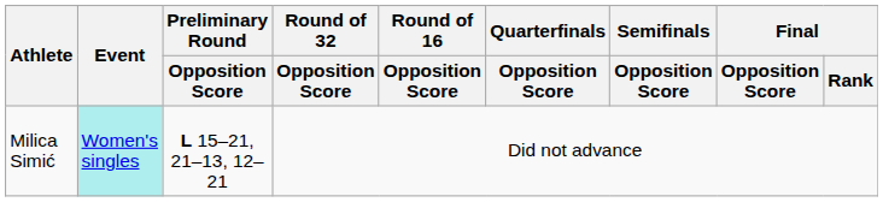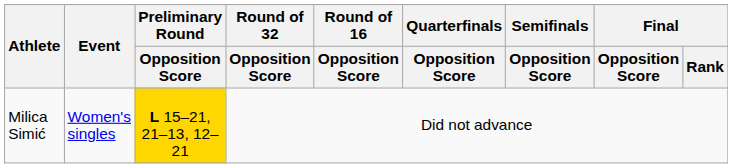 <table class="wikitable" border="1" style="font-size:90%">
 <tr>
 <th rowspan=2>Athlete</th>
 <th rowspan=2>Event</th>
 <th>Preliminary Round</th>
 <th>Round of 32</th>
 <th>Round of 16</th>
 <th>Quarterfinals</th>
 <th>Semifinals</th>
 <th colspan=2>Final</th>
 </tr>
 <tr>
 <th>Opposition<br>Score</th>
 <th>Opposition<br>Score</th>
 <th>Opposition<br>Score</th>
 <th>Opposition<br>Score</th>
 <th>Opposition<br>Score</th>
 <th>Opposition<br>Score</th>
 <th>Rank</th>
 </tr>
 <tr>
 <td>Milica Simić</td>
-<td style="background: paleturquoise;"><a href='#'>Women's singles</a></td>
-<td align=center><br><strong>L</strong> 15–21, 21–13, 12–21</td>
+<td><a href='#'>Women's singles</a></td>
+<td align=center style="background: gold;"><br><strong>L</strong> 15–21, 21–13, 12–21</td>
 <td align=center colspan=6>Did not advance</td>
 </tr>
 </table>
